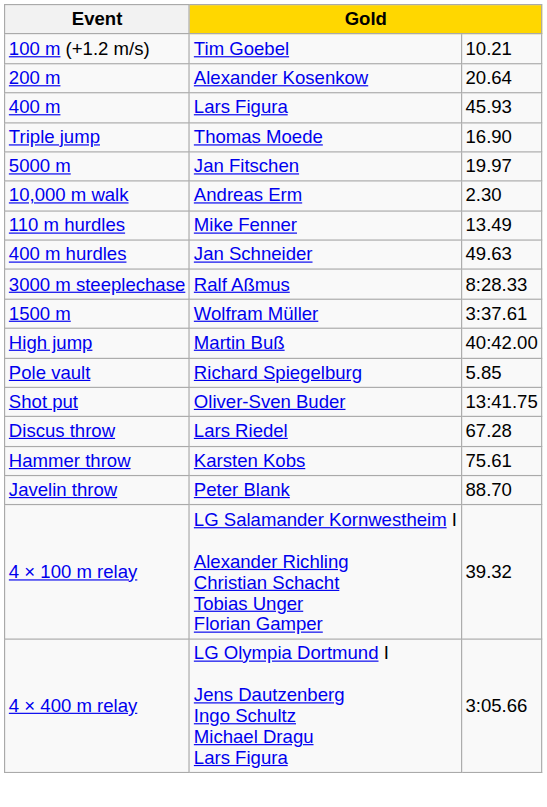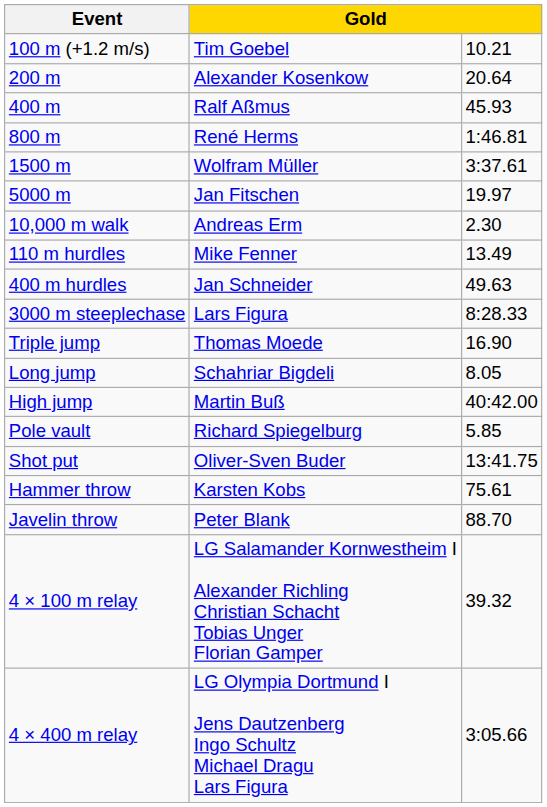 <table class="wikitable">
 <tr>
 <th>Event</th>
 <th style="background:gold;" colspan=2>Gold</th>
 </tr>
 <tr>
 <td><a href='#'>100 m</a> (+1.2 m/s)</td>
 <td><a href='#'>Tim Goebel</a></td>
 <td>10.21 </td>
 </tr>
 <tr>
 <td><a href='#'>200 m</a></td>
 <td><a href='#'>Alexander Kosenkow</a></td>
 <td>20.64 </td>
 </tr>
 <tr>
 <td><a href='#'>400 m</a></td>
-<td><a href='#'>Lars Figura</a></td>
+<td><a href='#'>Ralf Aßmus</a></td>
 <td>45.93 </td>
 </tr>
 <tr>
-<td><a href='#'>Triple jump</a></td>
-<td><a href='#'>Thomas Moede</a></td>
-<td>16.90 </td>
+<td><a href='#'>800 m</a></td>
+<td><a href='#'>René Herms</a></td>
+<td>1:46.81 </td>
+</tr>
+<tr>
+<td><a href='#'>1500 m</a></td>
+<td><a href='#'>Wolfram Müller</a></td>
+<td>3:37.61 </td>
 </tr>
 <tr>
 <td><a href='#'>5000 m</a></td>
 <td><a href='#'>Jan Fitschen</a></td>
 <td>19.97</td>
 </tr>
 <tr>
 <td><a href='#'>10,000 m walk</a></td>
 <td><a href='#'>Andreas Erm</a></td>
 <td>2.30</td>
 </tr>
 <tr>
 <td><a href='#'>110 m hurdles</a></td>
 <td><a href='#'>Mike Fenner</a></td>
 <td>13.49</td>
 </tr>
 <tr>
 <td><a href='#'>400 m hurdles</a></td>
 <td><a href='#'>Jan Schneider</a></td>
 <td>49.63 </td>
 </tr>
 <tr>
 <td><a href='#'>3000 m steeplechase</a></td>
-<td><a href='#'>Ralf Aßmus</a></td>
+<td><a href='#'>Lars Figura</a></td>
 <td>8:28.33</td>
 </tr>
 <tr>
-<td><a href='#'>1500 m</a></td>
-<td><a href='#'>Wolfram Müller</a></td>
-<td>3:37.61 </td>
+<td><a href='#'>Triple jump</a></td>
+<td><a href='#'>Thomas Moede</a></td>
+<td>16.90 </td>
+</tr>
+<tr>
+<td><a href='#'>Long jump</a></td>
+<td><a href='#'>Schahriar Bigdeli</a></td>
+<td>8.05</td>
 </tr>
 <tr>
 <td><a href='#'>High jump</a></td>
 <td><a href='#'>Martin Buß</a></td>
 <td>40:42.00 </td>
 </tr>
 <tr>
 <td><a href='#'>Pole vault</a></td>
 <td><a href='#'>Richard Spiegelburg</a></td>
 <td>5.85 </td>
 </tr>
 <tr>
 <td><a href='#'>Shot put</a></td>
 <td><a href='#'>Oliver-Sven Buder</a></td>
 <td>13:41.75</td>
-</tr>
-<tr>
-<td><a href='#'>Discus throw</a></td>
-<td><a href='#'>Lars Riedel</a></td>
-<td>67.28</td>
 </tr>
 <tr>
 <td><a href='#'>Hammer throw</a></td>
 <td><a href='#'>Karsten Kobs</a></td>
 <td>75.61</td>
 </tr>
 <tr>
 <td><a href='#'>Javelin throw</a></td>
 <td><a href='#'>Peter Blank</a></td>
 <td>88.70 </td>
 </tr>
 <tr>
 <td><a href='#'>4 × 100 m relay</a></td>
 <td><a href='#'>LG Salamander Kornwestheim</a> I <br><br><a href='#'>Alexander Richling</a> <br> <a href='#'>Christian Schacht</a> <br> <a href='#'>Tobias Unger</a> <br> <a href='#'>Florian Gamper</a></td>
 <td>39.32</td>
 </tr>
 <tr>
 <td><a href='#'>4 × 400 m relay</a></td>
 <td><a href='#'>LG Olympia Dortmund</a> I <br><br><a href='#'>Jens Dautzenberg</a> <br> <a href='#'>Ingo Schultz</a> <br> <a href='#'>Michael Dragu</a> <br> <a href='#'>Lars Figura</a></td>
 <td>3:05.66</td>
 </tr>
 </table>
